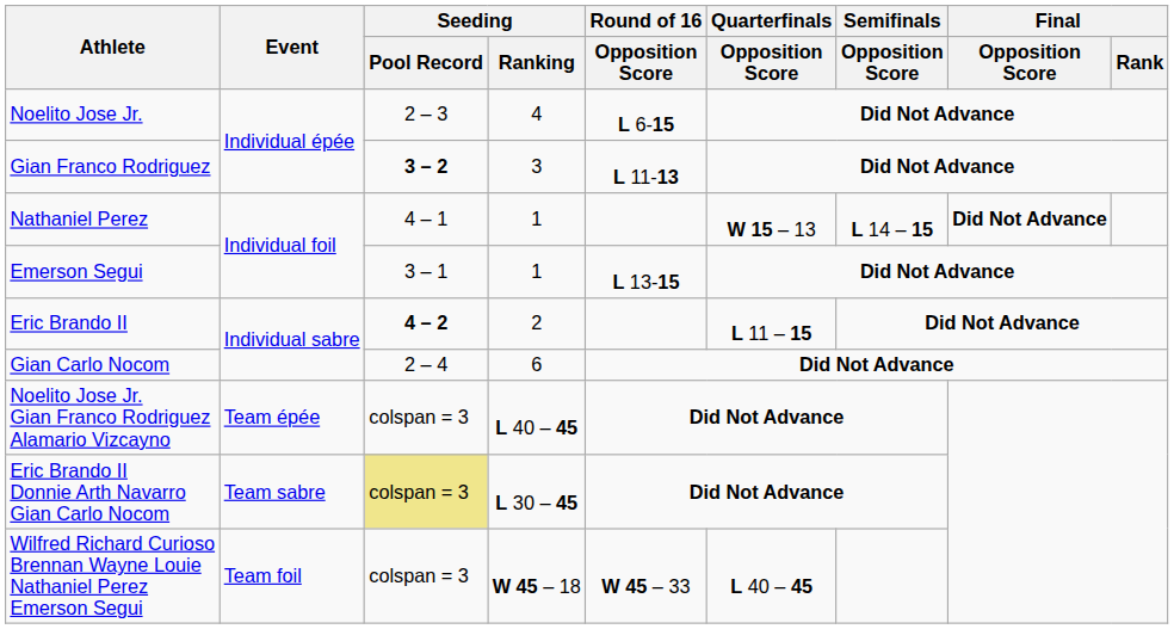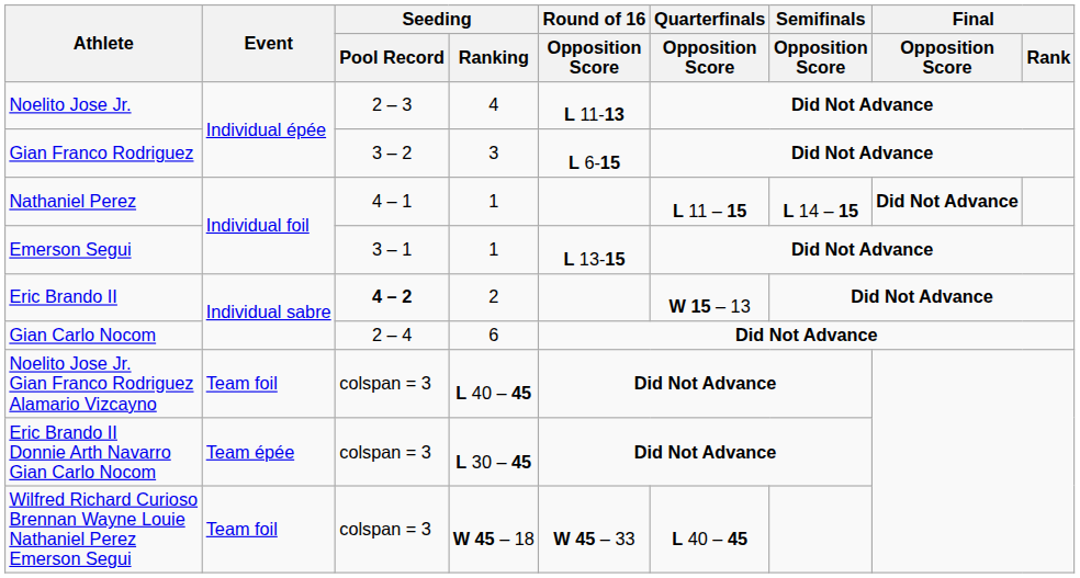 <table class=wikitable style="font-size:90%;">
 <tr>
 <th rowspan=2>Athlete</th>
 <th rowspan=2>Event</th>
 <th colspan=2>Seeding</th>
 <th>Round of 16</th>
 <th>Quarterfinals</th>
 <th>Semifinals</th>
 <th colspan=2>Final</th>
 </tr>
 <tr>
 <th>Pool Record</th>
 <th>Ranking</th>
 <th>Opposition<br>Score</th>
 <th>Opposition<br>Score</th>
 <th>Opposition<br>Score</th>
 <th>Opposition<br>Score</th>
 <th>Rank</th>
 </tr>
 <tr>
 <td><a href='#'>Noelito Jose Jr.</a></td>
 <td rowspan=2><a href='#'>Individual épée</a></td>
 <td align=center>2 – 3</td>
 <td align=center>4 <strong></strong></td>
-<td align=center> <br> <strong>L</strong> 6-<strong>15</strong></td>
+<td align=center> <br> <strong>L</strong> 11-<strong>13</strong></td>
 <td align=center colspan=4><strong> Did Not Advance</strong></td>
 </tr>
 <tr>
 <td><a href='#'>Gian Franco Rodriguez</a></td>
-<td align=center><strong>3 – 2</strong></td>
+<td align=center>3 – 2</td>
 <td align=center>3 <strong></strong></td>
-<td align=center> <br> <strong>L</strong> 11-<strong>13</strong></td>
+<td align=center> <br> <strong>L</strong> 6-<strong>15</strong></td>
 <td align=center colspan=4><strong> Did Not Advance</strong></td>
 </tr>
 <tr>
 <td><a href='#'>Nathaniel Perez</a></td>
 <td rowspan=2><a href='#'>Individual foil</a></td>
 <td align=center>4 – 1</td>
 <td align=center>1 <strong></strong></td>
 <td></td>
-<td align=center> <br> <strong>W</strong> <strong>15</strong> – 13</td>
+<td align=center> <br> <strong>L</strong> 11 – <strong>15</strong></td>
 <td align=center> <br> <strong>L</strong> 14 – <strong>15</strong></td>
 <td align=center><strong>Did Not Advance</strong></td>
 <td align=center></td>
 </tr>
 <tr>
 <td><a href='#'>Emerson Segui</a></td>
 <td align=center>3 – 1</td>
 <td align=center>1 <strong></strong></td>
 <td align=center> <br> <strong>L</strong> 13-<strong>15</strong></td>
 <td align=center colspan=4><strong>Did Not Advance</strong></td>
 </tr>
 <tr>
 <td><a href='#'>Eric Brando II</a></td>
 <td rowspan=2><a href='#'>Individual sabre</a></td>
 <td align=center><strong>4 – 2</strong></td>
 <td align=center>2 <strong></strong></td>
 <td></td>
-<td align=center> <br> <strong>L</strong> 11 – <strong>15</strong></td>
+<td align=center> <br> <strong>W</strong> <strong>15</strong> – 13</td>
 <td align=center colspan=3><strong>Did Not Advance</strong></td>
 </tr>
 <tr>
 <td><a href='#'>Gian Carlo Nocom</a></td>
 <td align=center>2 – 4</td>
 <td align=center>6</td>
 <td align=center colspan=5><strong>Did Not Advance</strong></td>
 </tr>
 <tr>
 <td><a href='#'>Noelito Jose Jr.</a><br><a href='#'>Gian Franco Rodriguez</a><br><a href='#'>Alamario Vizcayno</a></td>
-<td><a href='#'>Team épée</a></td>
+<td><a href='#'>Team foil</a></td>
 <td>colspan = 3 </td>
 <td align=center> <br> <strong>L</strong> 40 – <strong>45</strong></td>
 <td align=center colspan=3><strong>Did Not Advance</strong></td>
 </tr>
 <tr>
 <td><a href='#'>Eric Brando II</a><br><a href='#'>Donnie Arth Navarro</a><br><a href='#'>Gian Carlo Nocom</a></td>
-<td><a href='#'>Team sabre</a></td>
-<td style="background: khaki;">colspan = 3 </td>
+<td><a href='#'>Team épée</a></td>
+<td>colspan = 3 </td>
 <td align=center> <br> <strong>L</strong> 30 – <strong>45</strong></td>
 <td align=center colspan=3><strong>Did Not Advance</strong></td>
 </tr>
 <tr>
 <td><a href='#'>Wilfred Richard Curioso</a><br><a href='#'>Brennan Wayne Louie</a><br><a href='#'>Nathaniel Perez</a><br><a href='#'>Emerson Segui</a></td>
 <td><a href='#'>Team foil</a></td>
 <td>colspan = 3 </td>
 <td align=center> <br> <strong>W</strong> <strong>45</strong> – 18</td>
 <td align=center> <br> <strong>W</strong> <strong>45</strong> – 33</td>
 <td align=center> <br> <strong>L</strong> 40 – <strong>45</strong></td>
 <td align=center></td>
 </tr>
 </table>
